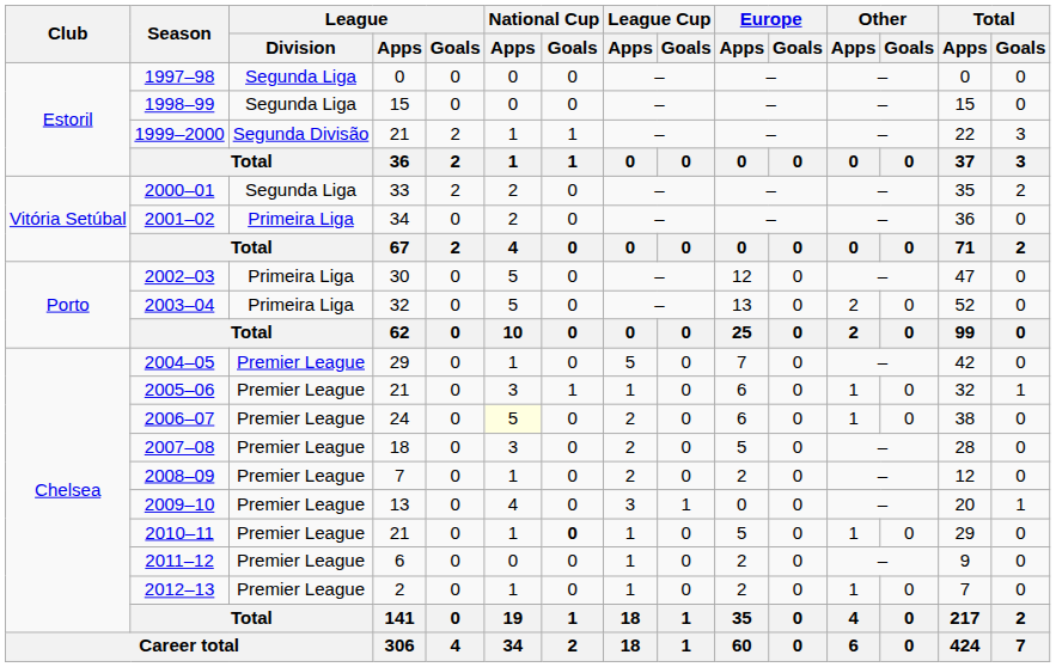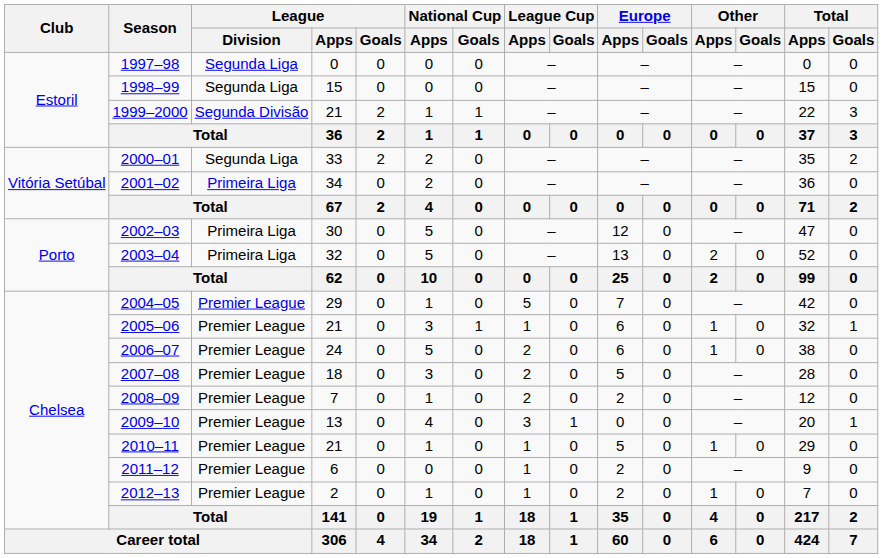 <table class="wikitable" style="text-align:center">
 <tr>
 <th rowspan="2">Club</th>
 <th rowspan="2">Season</th>
 <th colspan="3">League</th>
 <th colspan="2">National Cup</th>
 <th colspan="2">League Cup</th>
 <th colspan="2"><a href='#'>Europe</a></th>
 <th colspan="2">Other</th>
 <th colspan="2">Total</th>
 </tr>
 <tr>
 <th>Division</th>
 <th>Apps</th>
 <th>Goals</th>
 <th>Apps</th>
 <th>Goals</th>
 <th>Apps</th>
 <th>Goals</th>
 <th>Apps</th>
 <th>Goals</th>
 <th>Apps</th>
 <th>Goals</th>
 <th>Apps</th>
 <th>Goals</th>
 </tr>
 <tr>
 <td rowspan="4"><a href='#'>Estoril</a></td>
 <td><a href='#'>1997–98</a></td>
 <td><a href='#'>Segunda Liga</a></td>
 <td>0</td>
 <td>0</td>
 <td>0</td>
 <td>0</td>
 <td colspan="2">–</td>
 <td colspan="2">–</td>
 <td colspan="2">–</td>
 <td>0</td>
 <td>0</td>
 </tr>
 <tr>
 <td><a href='#'>1998–99</a></td>
 <td>Segunda Liga</td>
 <td>15</td>
 <td>0</td>
 <td>0</td>
 <td>0</td>
 <td colspan="2">–</td>
 <td colspan="2">–</td>
 <td colspan="2">–</td>
 <td>15</td>
 <td>0</td>
 </tr>
 <tr>
 <td><a href='#'>1999–2000</a></td>
 <td><a href='#'>Segunda Divisão</a></td>
 <td>21</td>
 <td>2</td>
 <td>1</td>
 <td>1</td>
 <td colspan="2">–</td>
 <td colspan="2">–</td>
 <td colspan="2">–</td>
 <td>22</td>
 <td>3</td>
 </tr>
 <tr>
 <th colspan="2">Total</th>
 <th>36</th>
 <th>2</th>
 <th>1</th>
 <th>1</th>
 <th>0</th>
 <th>0</th>
 <th>0</th>
 <th>0</th>
 <th>0</th>
 <th>0</th>
 <th>37</th>
 <th>3</th>
 </tr>
 <tr>
 <td rowspan="3"><a href='#'>Vitória Setúbal</a></td>
 <td><a href='#'>2000–01</a></td>
 <td>Segunda Liga</td>
 <td>33</td>
 <td>2</td>
 <td>2</td>
 <td>0</td>
 <td colspan="2">–</td>
 <td colspan="2">–</td>
 <td colspan="2">–</td>
 <td>35</td>
 <td>2</td>
 </tr>
 <tr>
 <td><a href='#'>2001–02</a></td>
 <td><a href='#'>Primeira Liga</a></td>
 <td>34</td>
 <td>0</td>
 <td>2</td>
 <td>0</td>
 <td colspan="2">–</td>
 <td colspan="2">–</td>
 <td colspan="2">–</td>
 <td>36</td>
 <td>0</td>
 </tr>
 <tr>
 <th colspan="2">Total</th>
 <th>67</th>
 <th>2</th>
 <th>4</th>
 <th>0</th>
 <th>0</th>
 <th>0</th>
 <th>0</th>
 <th>0</th>
 <th>0</th>
 <th>0</th>
 <th>71</th>
 <th>2</th>
 </tr>
 <tr>
 <td rowspan="3"><a href='#'>Porto</a></td>
 <td><a href='#'>2002–03</a></td>
 <td>Primeira Liga</td>
 <td>30</td>
 <td>0</td>
 <td>5</td>
 <td>0</td>
 <td colspan="2">–</td>
 <td>12</td>
 <td>0</td>
 <td colspan="2">–</td>
 <td>47</td>
 <td>0</td>
 </tr>
 <tr>
 <td><a href='#'>2003–04</a></td>
 <td>Primeira Liga</td>
 <td>32</td>
 <td>0</td>
 <td>5</td>
 <td>0</td>
 <td colspan="2">–</td>
 <td>13</td>
 <td>0</td>
 <td>2</td>
 <td>0</td>
 <td>52</td>
 <td>0</td>
 </tr>
 <tr>
 <th colspan="2">Total</th>
 <th>62</th>
 <th>0</th>
 <th>10</th>
 <th>0</th>
 <th>0</th>
 <th>0</th>
 <th>25</th>
 <th>0</th>
 <th>2</th>
 <th>0</th>
 <th>99</th>
 <th>0</th>
 </tr>
 <tr>
 <td rowspan="10"><a href='#'>Chelsea</a></td>
 <td><a href='#'>2004–05</a></td>
 <td><a href='#'>Premier League</a></td>
 <td>29</td>
 <td>0</td>
 <td>1</td>
 <td>0</td>
 <td>5</td>
 <td>0</td>
 <td>7</td>
 <td>0</td>
 <td colspan="2">–</td>
 <td>42</td>
 <td>0</td>
 </tr>
 <tr>
 <td><a href='#'>2005–06</a></td>
 <td>Premier League</td>
 <td>21</td>
 <td>0</td>
 <td>3</td>
 <td>1</td>
 <td>1</td>
 <td>0</td>
 <td>6</td>
 <td>0</td>
 <td>1</td>
 <td>0</td>
 <td>32</td>
 <td>1</td>
 </tr>
 <tr>
 <td><a href='#'>2006–07</a></td>
 <td>Premier League</td>
 <td>24</td>
 <td>0</td>
-<td style="background: lightyellow;">5</td>
+<td>5</td>
 <td>0</td>
 <td>2</td>
 <td>0</td>
 <td>6</td>
 <td>0</td>
 <td>1</td>
 <td>0</td>
 <td>38</td>
 <td>0</td>
 </tr>
 <tr>
 <td><a href='#'>2007–08</a></td>
 <td>Premier League</td>
 <td>18</td>
 <td>0</td>
 <td>3</td>
 <td>0</td>
 <td>2</td>
 <td>0</td>
 <td>5</td>
 <td>0</td>
 <td colspan="2">–</td>
 <td>28</td>
 <td>0</td>
 </tr>
 <tr>
 <td><a href='#'>2008–09</a></td>
 <td>Premier League</td>
 <td>7</td>
 <td>0</td>
 <td>1</td>
 <td>0</td>
 <td>2</td>
 <td>0</td>
 <td>2</td>
 <td>0</td>
 <td colspan="2">–</td>
 <td>12</td>
 <td>0</td>
 </tr>
 <tr>
 <td><a href='#'>2009–10</a></td>
 <td>Premier League</td>
 <td>13</td>
 <td>0</td>
 <td>4</td>
 <td>0</td>
 <td>3</td>
 <td>1</td>
 <td>0</td>
 <td>0</td>
 <td colspan="2">–</td>
 <td>20</td>
 <td>1</td>
 </tr>
 <tr>
 <td><a href='#'>2010–11</a></td>
 <td>Premier League</td>
 <td>21</td>
 <td>0</td>
 <td>1</td>
-<td><strong>0</strong></td>
+<td>0</td>
 <td>1</td>
 <td>0</td>
 <td>5</td>
 <td>0</td>
 <td>1</td>
 <td>0</td>
 <td>29</td>
 <td>0</td>
 </tr>
 <tr>
 <td><a href='#'>2011–12</a></td>
 <td>Premier League</td>
 <td>6</td>
 <td>0</td>
 <td>0</td>
 <td>0</td>
 <td>1</td>
 <td>0</td>
 <td>2</td>
 <td>0</td>
 <td colspan="2">–</td>
 <td>9</td>
 <td>0</td>
 </tr>
 <tr>
 <td><a href='#'>2012–13</a></td>
 <td>Premier League</td>
 <td>2</td>
 <td>0</td>
 <td>1</td>
 <td>0</td>
 <td>1</td>
 <td>0</td>
 <td>2</td>
 <td>0</td>
 <td>1</td>
 <td>0</td>
 <td>7</td>
 <td>0</td>
 </tr>
 <tr>
 <th colspan="2">Total</th>
 <th>141</th>
 <th>0</th>
 <th>19</th>
 <th>1</th>
 <th>18</th>
 <th>1</th>
 <th>35</th>
 <th>0</th>
 <th>4</th>
 <th>0</th>
 <th>217</th>
 <th>2</th>
 </tr>
 <tr>
 <th colspan="3">Career total</th>
 <th>306</th>
 <th>4</th>
 <th>34</th>
 <th>2</th>
 <th>18</th>
 <th>1</th>
 <th>60</th>
 <th>0</th>
 <th>6</th>
 <th>0</th>
 <th>424</th>
 <th>7</th>
 </tr>
 </table>
